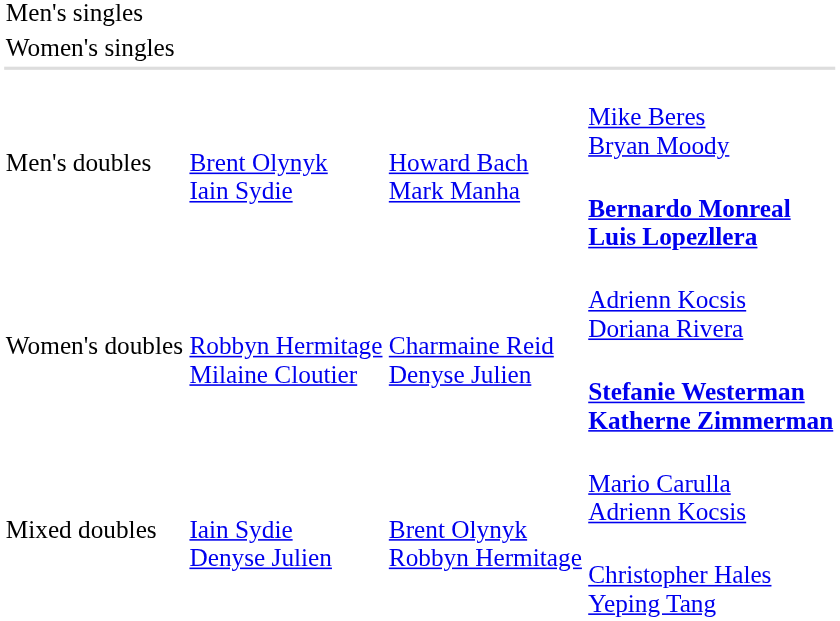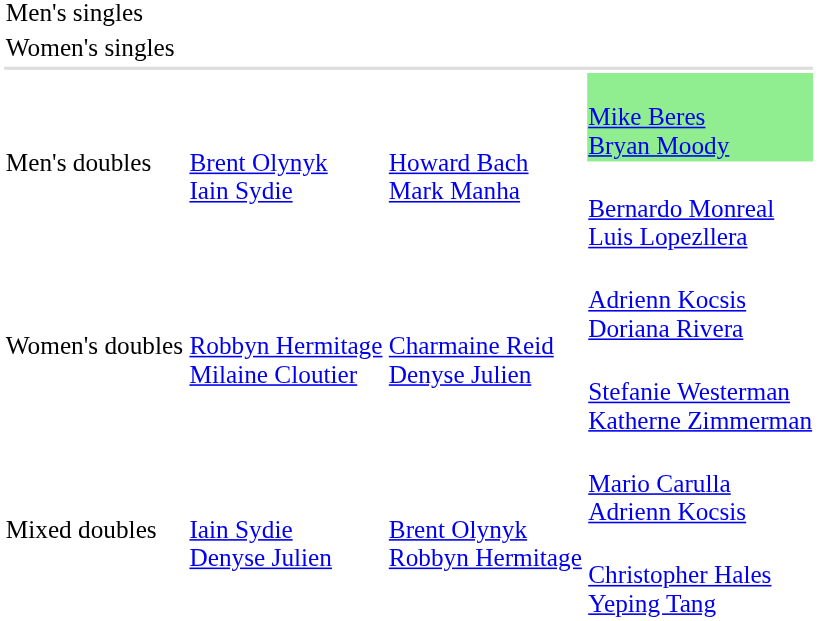 <table>
 <tr>
 <td rowspan=2>Men's singles <br></td>
 <td rowspan=2></td>
 <td rowspan=2></td>
 <td></td>
 </tr>
 <tr>
 <td></td>
 </tr>
 <tr>
 <td rowspan=2>Women's singles <br></td>
 <td rowspan=2></td>
 <td rowspan=2></td>
 <td></td>
 </tr>
 <tr>
 <td></td>
 </tr>
 <tr bgcolor=#DDDDDD>
 <td colspan=7></td>
 </tr>
 <tr>
 <td rowspan=2>Men's doubles <br></td>
 <td rowspan=2><br><a href='#'>Brent Olynyk</a><br><a href='#'>Iain Sydie</a></td>
 <td rowspan=2><br><a href='#'>Howard Bach</a><br><a href='#'>Mark Manha</a></td>
-<td><br><a href='#'>Mike Beres</a><br><a href='#'>Bryan Moody</a></td>
+<td style="background: lightgreen;"><br><a href='#'>Mike Beres</a><br><a href='#'>Bryan Moody</a></td>
 </tr>
 <tr>
-<td><strong><br><a href='#'>Bernardo Monreal</a><br><a href='#'>Luis Lopezllera</a></strong></td>
+<td><br><a href='#'>Bernardo Monreal</a><br><a href='#'>Luis Lopezllera</a></td>
 </tr>
 <tr>
 <td rowspan=2>Women's doubles <br></td>
 <td rowspan=2><br><a href='#'>Robbyn Hermitage</a><br><a href='#'>Milaine Cloutier</a></td>
 <td rowspan=2><br><a href='#'>Charmaine Reid</a><br><a href='#'>Denyse Julien</a></td>
 <td><br><a href='#'>Adrienn Kocsis</a><br><a href='#'>Doriana Rivera</a></td>
 </tr>
 <tr>
-<td><strong><br><a href='#'>Stefanie Westerman</a><br><a href='#'>Katherne Zimmerman</a></strong></td>
+<td><br><a href='#'>Stefanie Westerman</a><br><a href='#'>Katherne Zimmerman</a></td>
 </tr>
 <tr>
 <td rowspan=2>Mixed doubles <br></td>
 <td rowspan=2><br><a href='#'>Iain Sydie</a><br><a href='#'>Denyse Julien</a></td>
 <td rowspan=2><br><a href='#'>Brent Olynyk</a><br><a href='#'>Robbyn Hermitage</a></td>
 <td><br><a href='#'>Mario Carulla</a><br><a href='#'>Adrienn Kocsis</a></td>
 </tr>
 <tr>
 <td><br><a href='#'>Christopher Hales</a><br><a href='#'>Yeping Tang</a></td>
 </tr>
 </table>
